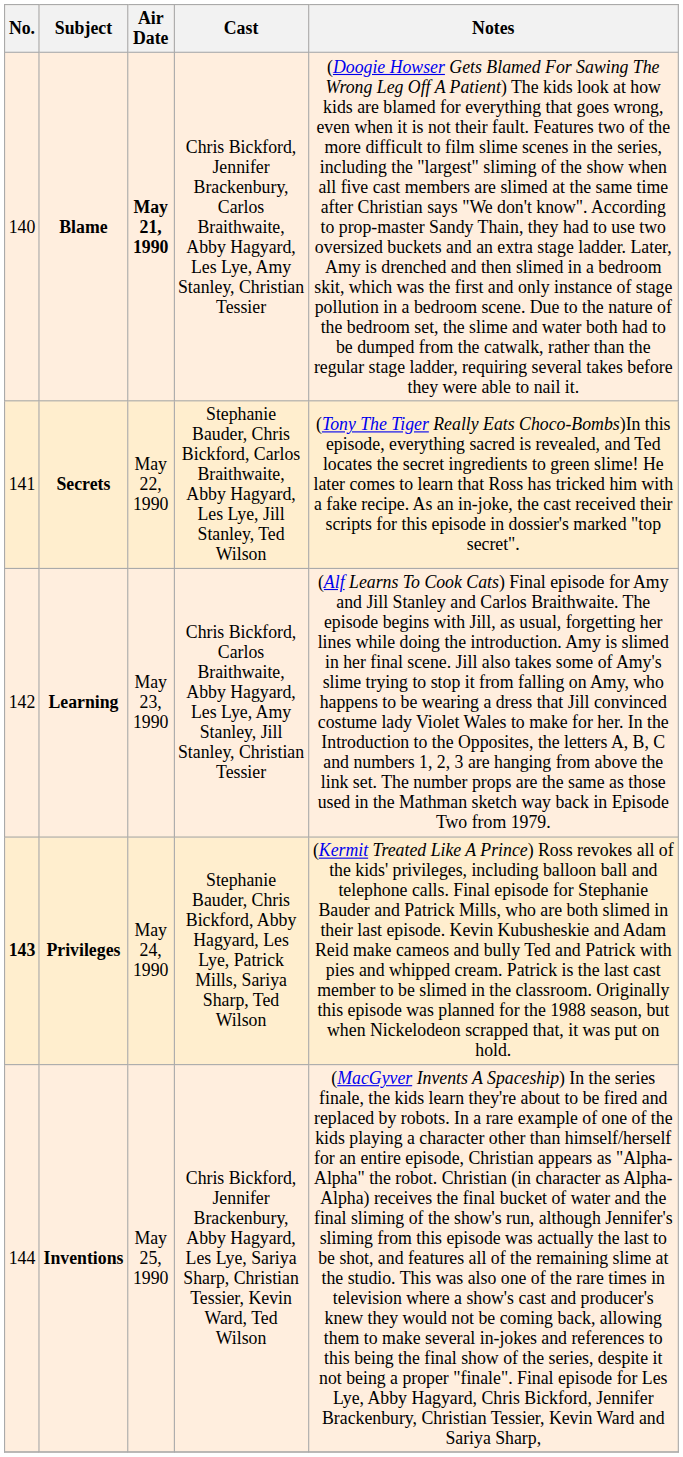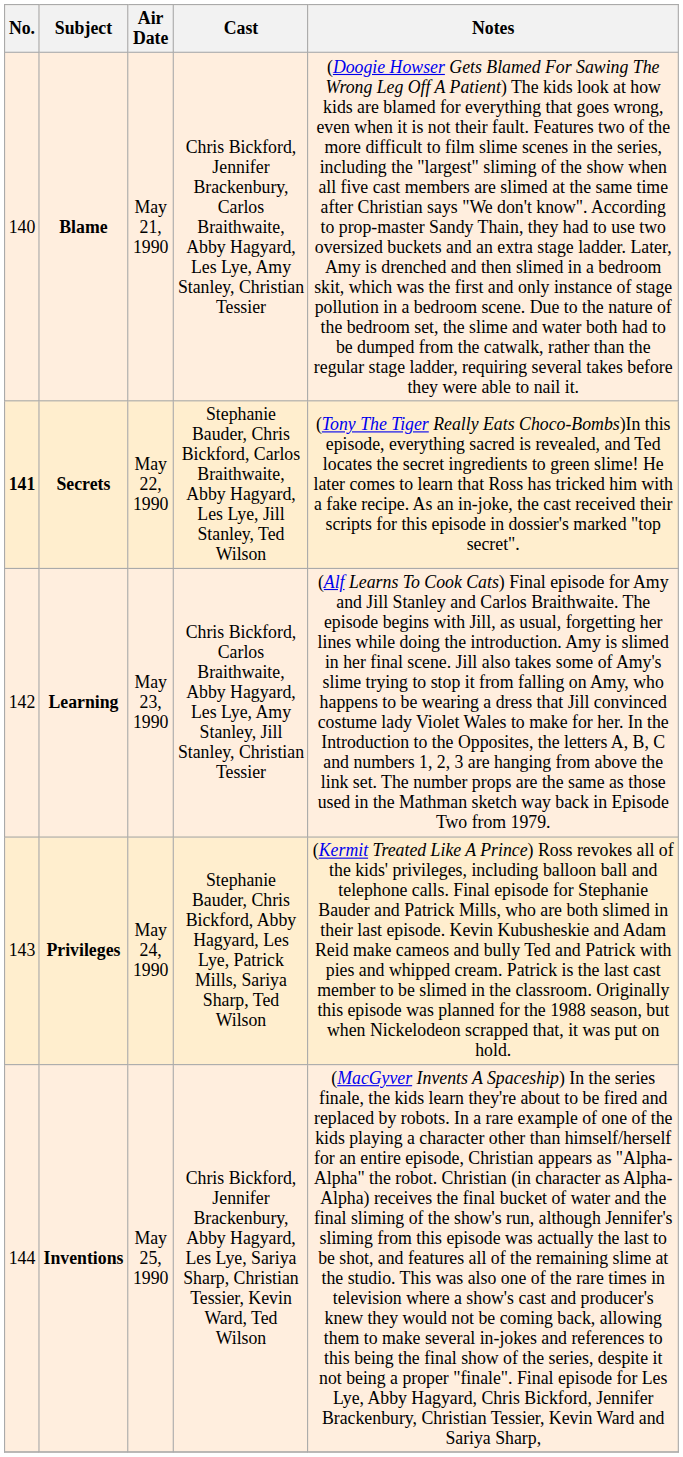 <table class="wikitable" style="text-align:center; background:#FFEEDE">
 <tr>
 <th>No.</th>
 <th>Subject</th>
 <th>Air Date</th>
 <th>Cast</th>
 <th>Notes</th>
 </tr>
 <tr>
 <td>140</td>
 <td><strong>Blame</strong></td>
-<td><strong>May 21, 1990</strong></td>
+<td>May 21, 1990</td>
 <td>Chris Bickford, Jennifer Brackenbury, Carlos Braithwaite, Abby Hagyard, Les Lye, Amy Stanley, Christian Tessier</td>
 <td>(<em><a href='#'>Doogie Howser</a> Gets Blamed For Sawing The Wrong Leg Off A Patient</em>) The kids look at how kids are blamed for everything that goes wrong, even when it is not their fault. Features two of the more difficult to film slime scenes in the series, including the "largest" sliming of the show when all five cast members are slimed at the same time after Christian says "We don't know". According to prop-master Sandy Thain, they had to use two oversized buckets and an extra stage ladder. Later, Amy is drenched and then slimed in a bedroom skit, which was the first and only instance of stage pollution in a bedroom scene. Due to the nature of the bedroom set, the slime and water both had to be dumped from the catwalk, rather than the regular stage ladder, requiring several takes before they were able to nail it.</td>
 </tr>
 <tr bgcolor="FFEECE">
-<td>141</td>
+<td><strong>141</strong></td>
 <td><strong>Secrets</strong></td>
 <td>May 22, 1990</td>
 <td>Stephanie Bauder, Chris Bickford, Carlos Braithwaite, Abby Hagyard, Les Lye, Jill Stanley, Ted Wilson</td>
 <td>(<em><a href='#'>Tony The Tiger</a> Really Eats Choco-Bombs</em>)In this episode, everything sacred is revealed, and Ted locates the secret ingredients to green slime! He later comes to learn that Ross has tricked him with a fake recipe. As an in-joke, the cast received their scripts for this episode in dossier's marked "top secret".</td>
 </tr>
 <tr>
 <td>142</td>
 <td><strong>Learning</strong></td>
 <td>May 23, 1990</td>
 <td>Chris Bickford, Carlos Braithwaite, Abby Hagyard, Les Lye, Amy Stanley, Jill Stanley, Christian Tessier</td>
 <td>(<em><a href='#'>Alf</a> Learns To Cook Cats</em>) Final episode for Amy and Jill Stanley and Carlos Braithwaite. The episode begins with Jill, as usual, forgetting her lines while doing the introduction. Amy is slimed in her final scene. Jill also takes some of Amy's slime trying to stop it from falling on Amy, who happens to be wearing a dress that Jill convinced costume lady Violet Wales to make for her. In the Introduction to the Opposites, the letters A, B, C and numbers 1, 2, 3 are hanging from above the link set. The number props are the same as those used in the Mathman sketch way back in Episode Two from 1979.</td>
 </tr>
 <tr bgcolor="FFEECE">
-<td><strong>143</strong></td>
+<td>143</td>
 <td><strong>Privileges</strong></td>
 <td>May 24, 1990</td>
 <td>Stephanie Bauder, Chris Bickford, Abby Hagyard, Les Lye, Patrick Mills, Sariya Sharp, Ted Wilson</td>
 <td>(<em><a href='#'>Kermit</a> Treated Like A Prince</em>) Ross revokes all of the kids' privileges, including balloon ball and telephone calls. Final episode for Stephanie Bauder and Patrick Mills, who are both slimed in their last episode. Kevin Kubusheskie and Adam Reid make cameos and bully Ted and Patrick with pies and whipped cream. Patrick is the last cast member to be slimed in the classroom. Originally this episode was planned for the 1988 season, but when Nickelodeon scrapped that, it was put on hold.</td>
 </tr>
 <tr>
 <td>144</td>
 <td><strong>Inventions</strong></td>
 <td>May 25, 1990</td>
 <td>Chris Bickford, Jennifer Brackenbury, Abby Hagyard, Les Lye, Sariya Sharp, Christian Tessier, Kevin Ward, Ted Wilson</td>
 <td>(<em><a href='#'>MacGyver</a> Invents A Spaceship</em>) In the series finale, the kids learn they're about to be fired and replaced by robots. In a rare example of one of the kids playing a character other than himself/herself for an entire episode, Christian appears as "Alpha-Alpha" the robot. Christian (in character as Alpha-Alpha) receives the final bucket of water and the final sliming of the show's run, although Jennifer's sliming from this episode was actually the last to be shot, and features all of the remaining slime at the studio. This was also one of the rare times in television where a show's cast and producer's knew they would not be coming back, allowing them to make several in-jokes and references to this being the final show of the series, despite it not being a proper "finale". Final episode for Les Lye, Abby Hagyard, Chris Bickford, Jennifer Brackenbury, Christian Tessier, Kevin Ward and Sariya Sharp,</td>
 </tr>
 <tr bgcolor="FFEECE">
 </tr>
 </table>
